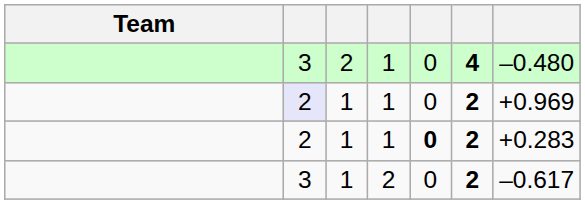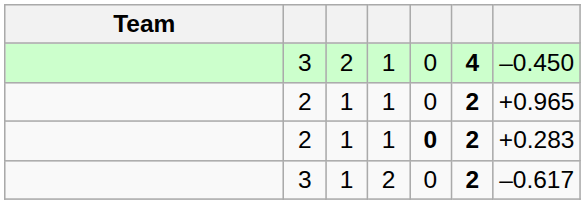 <table class="wikitable" style="text-align:center;">
 <tr>
 <th width=175>Team</th>
 <th style="width:20px;"></th>
 <th style="width:20px;"></th>
 <th style="width:20px;"></th>
 <th style="width:20px;"></th>
 <th style="width:20px;"></th>
 <th style="width:20px;"></th>
 </tr>
 <tr style="background:#cfc">
 <td align=left></td>
 <td>3</td>
 <td>2</td>
 <td>1</td>
 <td>0</td>
 <td><strong>4</strong></td>
-<td>–0.480</td>
+<td>–0.450</td>
 </tr>
 <tr>
 <td align=left></td>
-<td style="background: lavender;">2</td>
+<td>2</td>
 <td>1</td>
 <td>1</td>
 <td>0</td>
 <td><strong>2</strong></td>
-<td>+0.969</td>
+<td>+0.965</td>
 </tr>
 <tr>
 <td align=left></td>
 <td>2</td>
 <td>1</td>
 <td>1</td>
 <td><strong>0</strong></td>
 <td><strong>2</strong></td>
 <td>+0.283</td>
 </tr>
 <tr>
 <td align=left></td>
 <td>3</td>
 <td>1</td>
 <td>2</td>
 <td>0</td>
 <td><strong>2</strong></td>
 <td>–0.617</td>
 </tr>
 </table>
